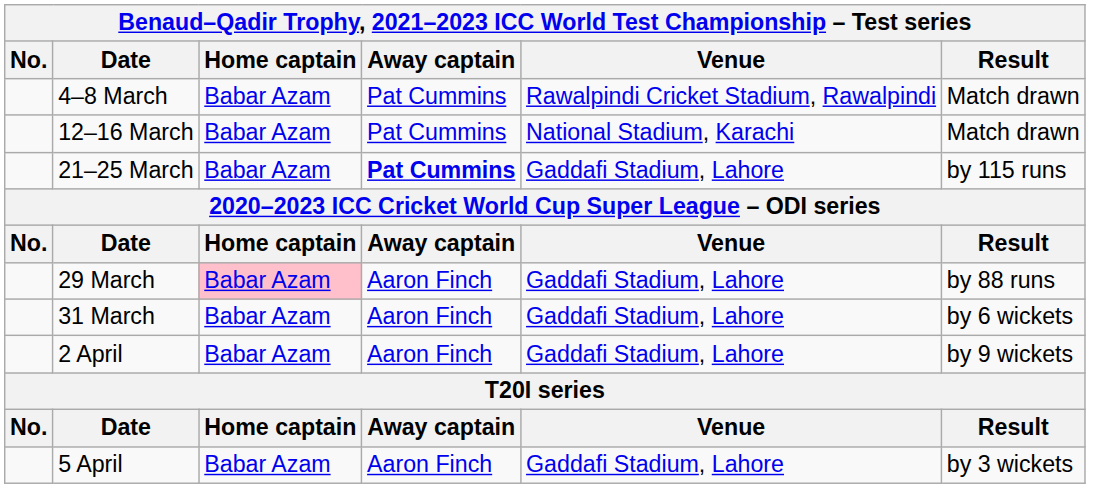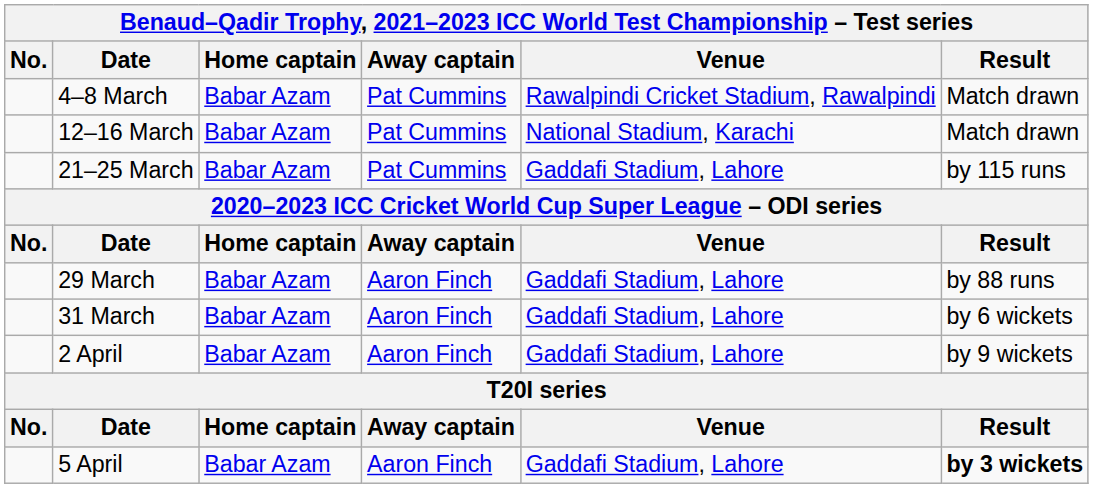 <table class="wikitable">
 <tr>
 <th colspan="9"><a href='#'>Benaud–Qadir Trophy</a>, <a href='#'>2021–2023 ICC World Test Championship</a> – Test series</th>
 </tr>
 <tr>
 <th>No.</th>
 <th>Date</th>
 <th>Home captain</th>
 <th>Away captain</th>
 <th>Venue</th>
 <th>Result</th>
 </tr>
 <tr>
 <td></td>
 <td>4–8 March</td>
 <td><a href='#'>Babar Azam</a></td>
 <td><a href='#'>Pat Cummins</a></td>
 <td><a href='#'>Rawalpindi Cricket Stadium</a>, <a href='#'>Rawalpindi</a></td>
 <td>Match drawn</td>
 </tr>
 <tr>
 <td></td>
 <td>12–16 March</td>
 <td><a href='#'>Babar Azam</a></td>
 <td><a href='#'>Pat Cummins</a></td>
 <td><a href='#'>National Stadium</a>, <a href='#'>Karachi</a></td>
 <td>Match drawn</td>
 </tr>
 <tr>
 <td></td>
 <td>21–25 March</td>
 <td><a href='#'>Babar Azam</a></td>
-<td><strong><a href='#'>Pat Cummins</a></strong></td>
+<td><a href='#'>Pat Cummins</a></td>
 <td><a href='#'>Gaddafi Stadium</a>, <a href='#'>Lahore</a></td>
 <td> by 115 runs</td>
 </tr>
 <tr>
 <th colspan="9"><a href='#'>2020–2023 ICC Cricket World Cup Super League</a> – ODI series</th>
 </tr>
 <tr>
 <th>No.</th>
 <th>Date</th>
 <th>Home captain</th>
 <th>Away captain</th>
 <th>Venue</th>
 <th>Result</th>
 </tr>
 <tr>
 <td></td>
 <td>29 March</td>
-<td style="background: pink;"><a href='#'>Babar Azam</a></td>
+<td><a href='#'>Babar Azam</a></td>
 <td><a href='#'>Aaron Finch</a></td>
 <td><a href='#'>Gaddafi Stadium</a>, <a href='#'>Lahore</a></td>
 <td> by 88 runs</td>
 </tr>
 <tr>
 <td></td>
 <td>31 March</td>
 <td><a href='#'>Babar Azam</a></td>
 <td><a href='#'>Aaron Finch</a></td>
 <td><a href='#'>Gaddafi Stadium</a>, <a href='#'>Lahore</a></td>
 <td> by 6 wickets</td>
 </tr>
 <tr>
 <td></td>
 <td>2 April</td>
 <td><a href='#'>Babar Azam</a></td>
 <td><a href='#'>Aaron Finch</a></td>
 <td><a href='#'>Gaddafi Stadium</a>, <a href='#'>Lahore</a></td>
 <td> by 9 wickets</td>
 </tr>
 <tr>
 <th colspan="9">T20I series</th>
 </tr>
 <tr>
 <th>No.</th>
 <th>Date</th>
 <th>Home captain</th>
 <th>Away captain</th>
 <th>Venue</th>
 <th>Result</th>
 </tr>
 <tr>
 <td></td>
 <td>5 April</td>
 <td><a href='#'>Babar Azam</a></td>
 <td><a href='#'>Aaron Finch</a></td>
 <td><a href='#'>Gaddafi Stadium</a>, <a href='#'>Lahore</a></td>
-<td> by 3 wickets</td>
+<td><strong> by 3 wickets</strong></td>
 </tr>
 </table>
